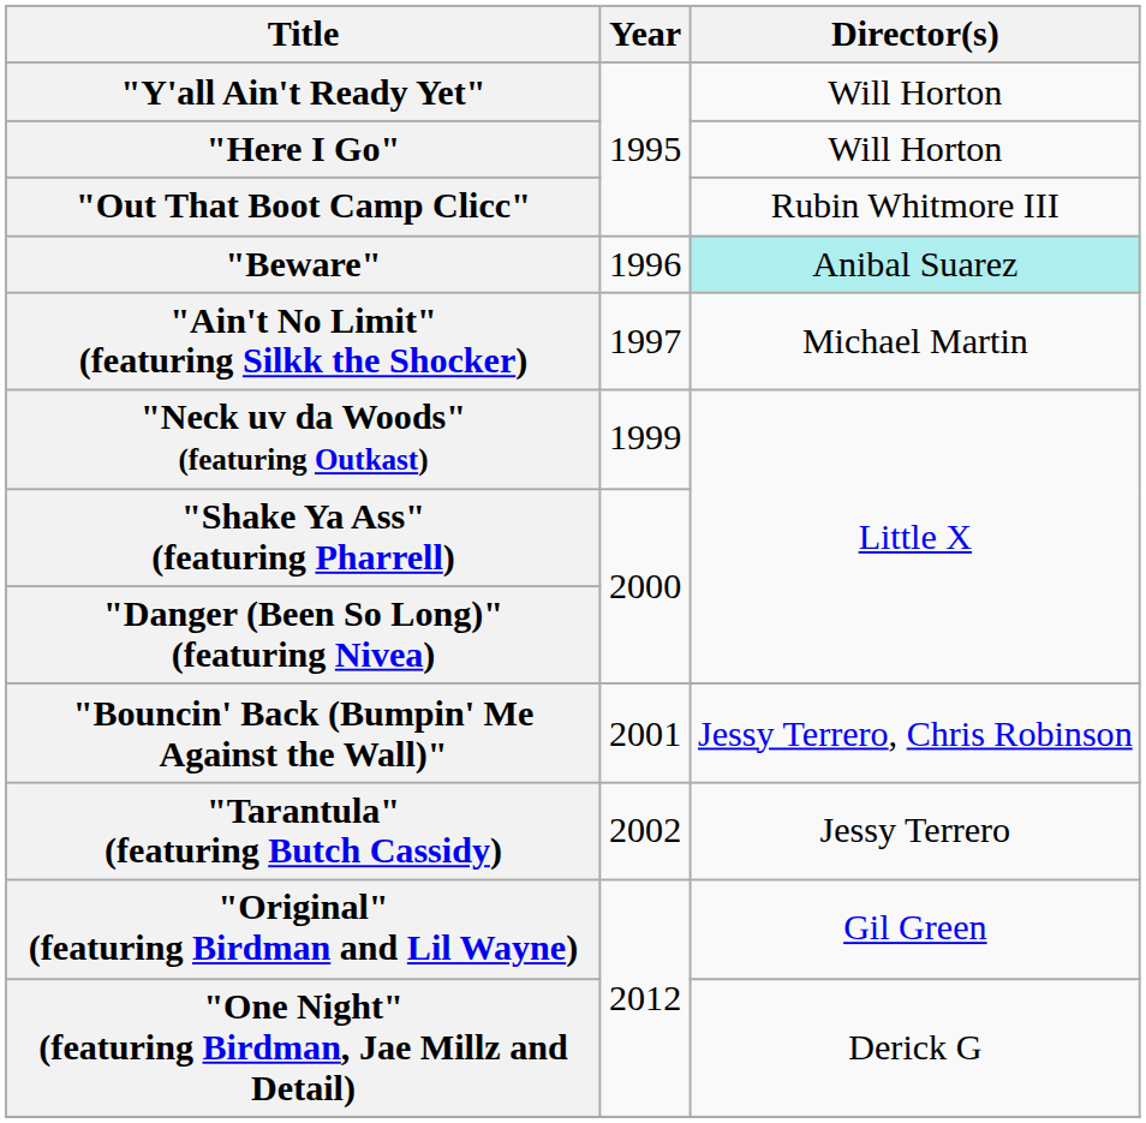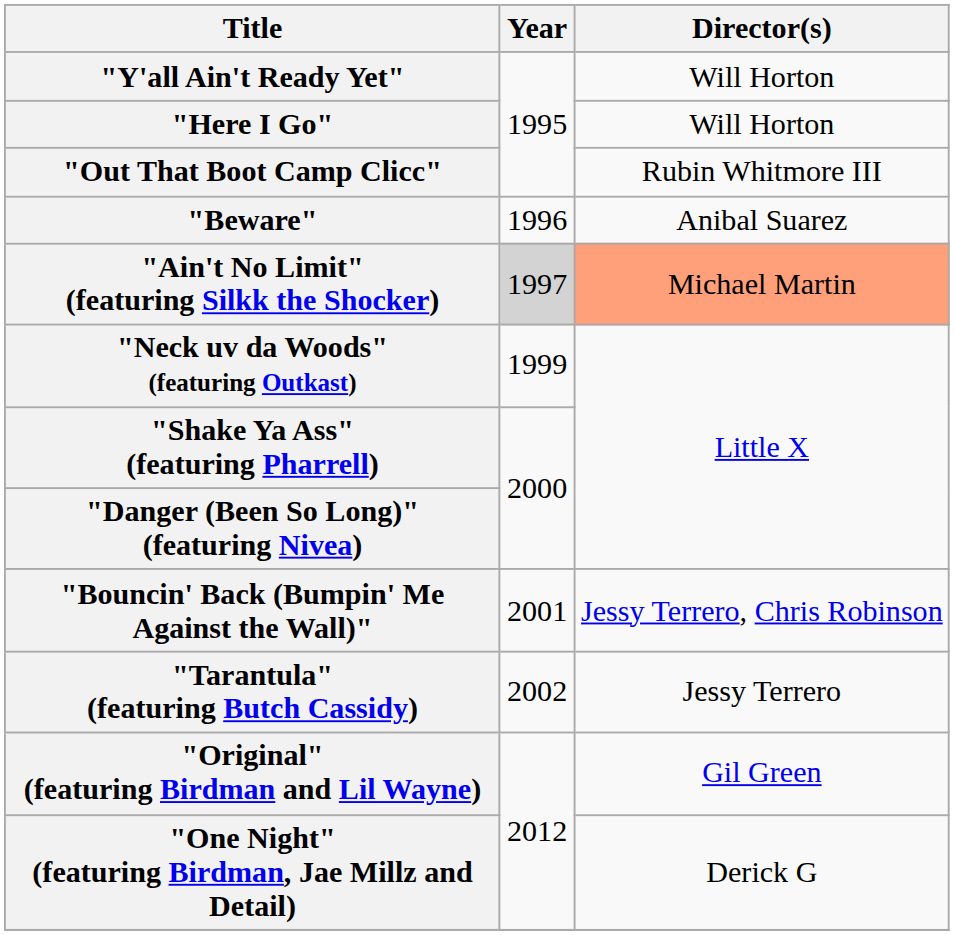 <table class="wikitable plainrowheaders" style="text-align:center;">
 <tr>
 <th scope="col" style="width:16em;">Title</th>
 <th scope="col">Year</th>
 <th scope="col">Director(s)</th>
 </tr>
 <tr>
 <th scope="row">"Y'all Ain't Ready Yet"</th>
 <td rowspan="3">1995</td>
 <td>Will Horton</td>
 </tr>
 <tr>
 <th scope="row">"Here I Go"</th>
 <td>Will Horton</td>
 </tr>
 <tr>
 <th scope="row">"Out That Boot Camp Clicc"</th>
 <td>Rubin Whitmore III</td>
 </tr>
 <tr>
 <th scope="row">"Beware"</th>
 <td>1996</td>
-<td style="background: paleturquoise;">Anibal Suarez</td>
+<td>Anibal Suarez</td>
 </tr>
 <tr>
 <th scope="row">"Ain't No Limit"<br><span>(featuring <a href='#'>Silkk the Shocker</a>)</span></th>
-<td>1997</td>
-<td>Michael Martin</td>
+<td style="background: lightgrey;">1997</td>
+<td style="background: lightsalmon;">Michael Martin</td>
 </tr>
 <tr>
 <th scope="row">"Neck uv da Woods"<br><small>(featuring <a href='#'>Outkast</a>)</small></th>
 <td>1999</td>
 <td rowspan="3"><a href='#'>Little X</a></td>
 </tr>
 <tr>
 <th scope="row">"Shake Ya Ass"<br><span>(featuring <a href='#'>Pharrell</a>)</span></th>
 <td rowspan="2">2000</td>
 </tr>
 <tr>
 <th scope="row">"Danger (Been So Long)"<br><span>(featuring <a href='#'>Nivea</a>)</span></th>
 </tr>
 <tr>
 <th scope="row">"Bouncin' Back (Bumpin' Me Against the Wall)"</th>
 <td>2001</td>
 <td><a href='#'>Jessy Terrero</a>, <a href='#'>Chris Robinson</a></td>
 </tr>
 <tr>
 <th scope="row">"Tarantula"<br><span>(featuring <a href='#'>Butch Cassidy</a>)</span></th>
 <td>2002</td>
 <td>Jessy Terrero</td>
 </tr>
 <tr>
 <th scope="row">"Original"<br><span>(featuring <a href='#'>Birdman</a> and <a href='#'>Lil Wayne</a>)</span></th>
 <td rowspan="2">2012</td>
 <td><a href='#'>Gil Green</a></td>
 </tr>
 <tr>
 <th scope="row">"One Night"<br><span>(featuring <a href='#'>Birdman</a>, Jae Millz and Detail)</span></th>
 <td>Derick G</td>
 </tr>
 <tr>
 </tr>
 </table>
